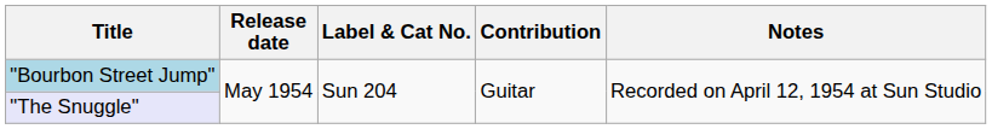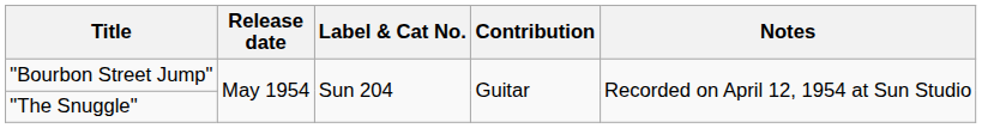 <table class="wikitable">
 <tr>
 <th>Title</th>
 <th>Release<br>date</th>
 <th>Label & Cat No.</th>
 <th>Contribution</th>
 <th>Notes</th>
 </tr>
 <tr>
-<td style="background: lightblue;">"Bourbon Street Jump"</td>
+<td>"Bourbon Street Jump"</td>
 <td rowspan="2">May 1954</td>
 <td rowspan="2">Sun 204</td>
 <td rowspan="2">Guitar</td>
 <td rowspan="2">Recorded on April 12, 1954 at Sun Studio</td>
 </tr>
 <tr>
-<td style="background: lavender;">"The Snuggle"</td>
+<td>"The Snuggle"</td>
 </tr>
 </table>
